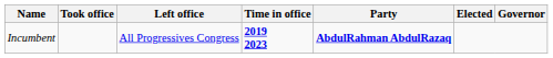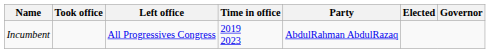 <table class="wikitable">
 <tr>
 <th>Name</th>
 <th>Took office</th>
 <th>Left office</th>
 <th>Time in office</th>
 <th>Party</th>
 <th>Elected</th>
 <th>Governor</th>
 </tr>
 <tr>
 <td><em>Incumbent</em></td>
 <td></td>
 <td><a href='#'>All Progressives Congress</a></td>
-<td><strong><a href='#'>2019</a><br><a href='#'>2023</a></strong></td>
-<td><strong><a href='#'>AbdulRahman AbdulRazaq</a></strong></td>
+<td><a href='#'>2019</a><br><a href='#'>2023</a></td>
+<td><a href='#'>AbdulRahman AbdulRazaq</a></td>
 </tr>
 </table>
